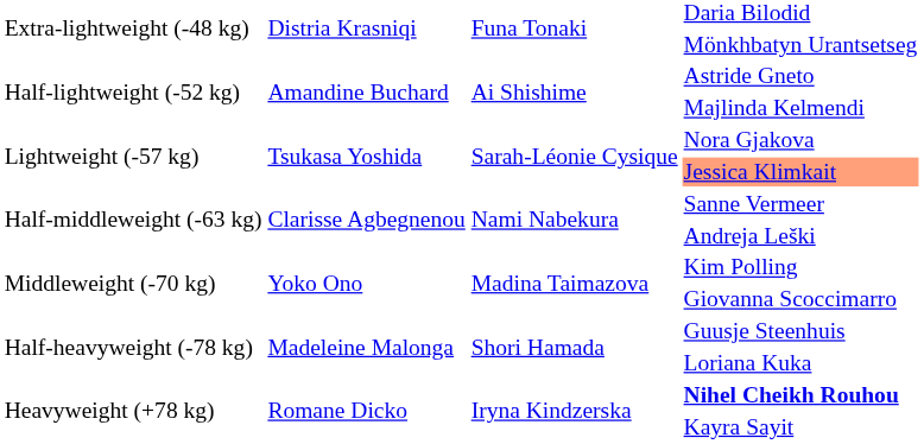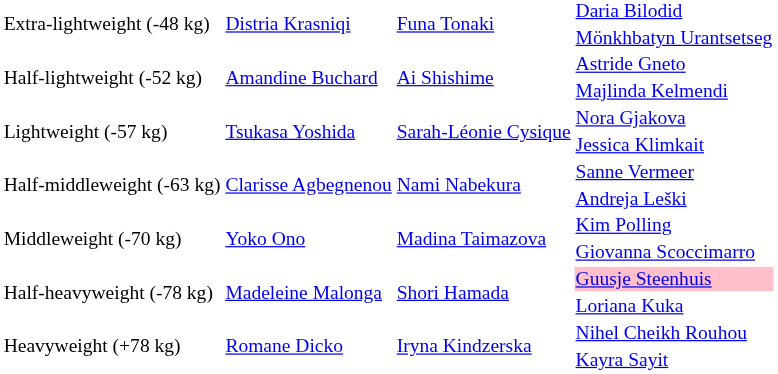 <table>
 <tr>
 <td rowspan=2>Extra-lightweight (-48 kg)</td>
 <td rowspan=2> <a href='#'>Distria Krasniqi</a></td>
 <td rowspan=2> <a href='#'>Funa Tonaki</a></td>
 <td> <a href='#'>Daria Bilodid</a></td>
 </tr>
 <tr>
 <td> <a href='#'>Mönkhbatyn Urantsetseg</a></td>
 </tr>
 <tr>
 <td rowspan=2>Half-lightweight (-52 kg)</td>
 <td rowspan=2> <a href='#'>Amandine Buchard</a></td>
 <td rowspan=2> <a href='#'>Ai Shishime</a></td>
 <td> <a href='#'>Astride Gneto</a></td>
 </tr>
 <tr>
 <td> <a href='#'>Majlinda Kelmendi</a></td>
 </tr>
 <tr>
 <td rowspan=2>Lightweight (-57 kg)</td>
 <td rowspan=2> <a href='#'>Tsukasa Yoshida</a></td>
 <td rowspan=2> <a href='#'>Sarah-Léonie Cysique</a></td>
 <td> <a href='#'>Nora Gjakova</a></td>
 </tr>
 <tr>
-<td style="background: lightsalmon;"> <a href='#'>Jessica Klimkait</a></td>
+<td> <a href='#'>Jessica Klimkait</a></td>
 </tr>
 <tr>
 <td rowspan=2>Half-middleweight (-63 kg)</td>
 <td rowspan=2> <a href='#'>Clarisse Agbegnenou</a></td>
 <td rowspan=2> <a href='#'>Nami Nabekura</a></td>
 <td> <a href='#'>Sanne Vermeer</a></td>
 </tr>
 <tr>
 <td> <a href='#'>Andreja Leški</a></td>
 </tr>
 <tr>
 <td rowspan=2>Middleweight (-70 kg)</td>
 <td rowspan=2> <a href='#'>Yoko Ono</a></td>
 <td rowspan=2> <a href='#'>Madina Taimazova</a></td>
 <td> <a href='#'>Kim Polling</a></td>
 </tr>
 <tr>
 <td> <a href='#'>Giovanna Scoccimarro</a></td>
 </tr>
 <tr>
 <td rowspan=2>Half-heavyweight (-78 kg)</td>
 <td rowspan=2> <a href='#'>Madeleine Malonga</a></td>
 <td rowspan=2> <a href='#'>Shori Hamada</a></td>
-<td> <a href='#'>Guusje Steenhuis</a></td>
+<td style="background: pink;"> <a href='#'>Guusje Steenhuis</a></td>
 </tr>
 <tr>
 <td> <a href='#'>Loriana Kuka</a></td>
 </tr>
 <tr>
 <td rowspan=2>Heavyweight (+78 kg)</td>
 <td rowspan=2> <a href='#'>Romane Dicko</a></td>
 <td rowspan=2> <a href='#'>Iryna Kindzerska</a></td>
-<td><strong> <a href='#'>Nihel Cheikh Rouhou</a></strong></td>
+<td> <a href='#'>Nihel Cheikh Rouhou</a></td>
 </tr>
 <tr>
 <td> <a href='#'>Kayra Sayit</a></td>
 </tr>
 </table>
